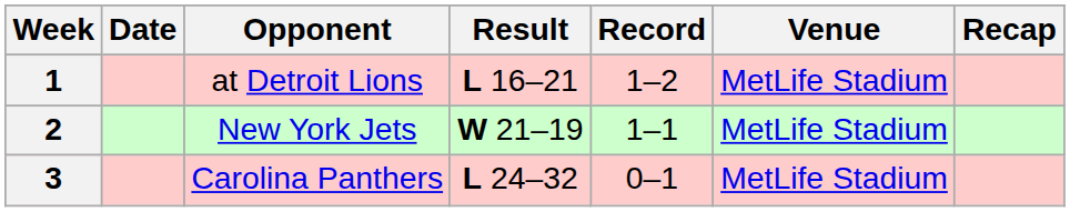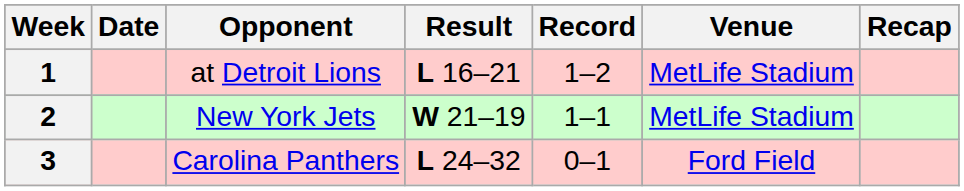 <table class="wikitable" style="text-align:center">
 <tr>
 <th>Week</th>
 <th>Date</th>
 <th>Opponent</th>
 <th>Result</th>
 <th>Record</th>
 <th>Venue</th>
 <th>Recap</th>
 </tr>
 <tr style="background:#fcc">
 <th>1</th>
 <td></td>
 <td>at <a href='#'>Detroit Lions</a></td>
 <td><strong>L</strong> 16–21</td>
 <td>1–2</td>
 <td><a href='#'>MetLife Stadium</a></td>
 <td></td>
 </tr>
 <tr style="background:#cfc">
 <th>2</th>
 <td></td>
 <td><a href='#'>New York Jets</a></td>
 <td><strong>W</strong> 21–19</td>
 <td>1–1</td>
 <td><a href='#'>MetLife Stadium</a></td>
 <td></td>
 </tr>
 <tr style="background:#fcc">
 <th>3</th>
 <td></td>
 <td><a href='#'>Carolina Panthers</a></td>
 <td><strong>L</strong> 24–32</td>
 <td>0–1</td>
-<td><a href='#'>MetLife Stadium</a></td>
+<td><a href='#'>Ford Field</a></td>
 <td></td>
 </tr>
 </table>
